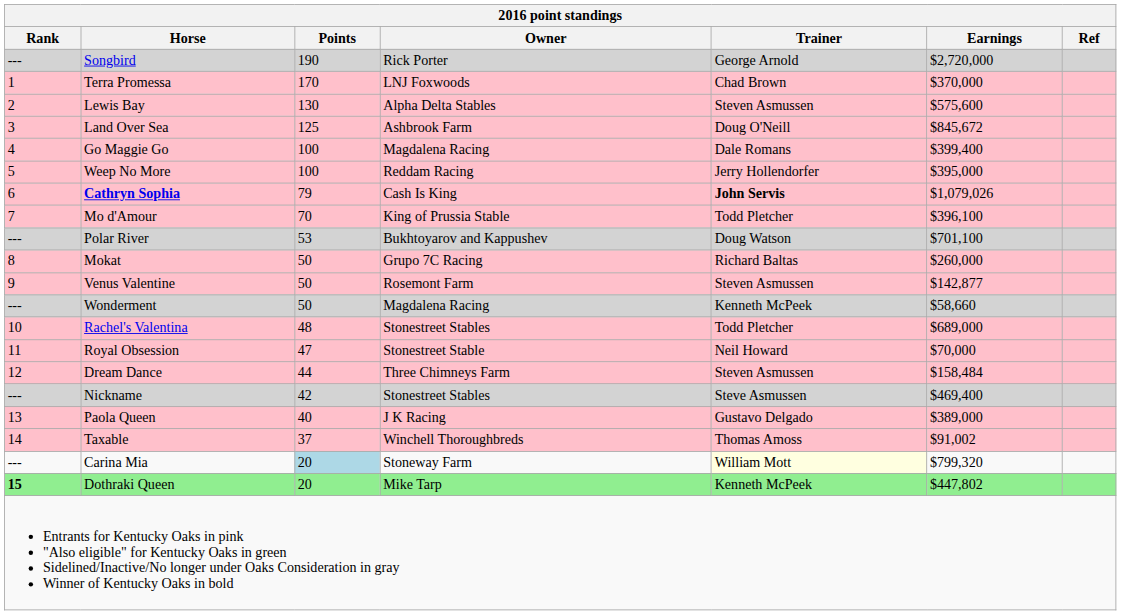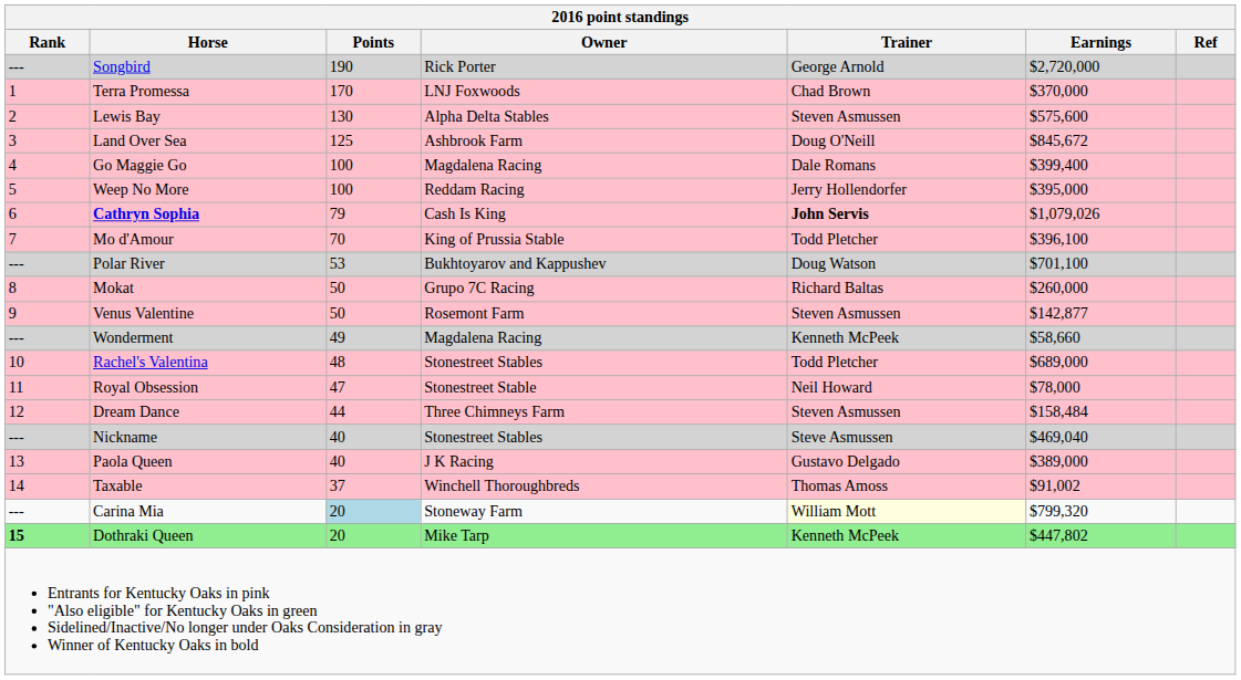 <table class="wikitable" style="width:100%">
 <tr>
 <th colspan=7>2016 point standings</th>
 </tr>
 <tr>
 <th>Rank</th>
 <th>Horse</th>
 <th>Points</th>
 <th>Owner</th>
 <th>Trainer</th>
 <th>Earnings</th>
 <th>Ref</th>
 </tr>
 <tr bgcolor="lightgray">
 <td>---</td>
 <td><a href='#'>Songbird</a></td>
 <td>190</td>
 <td>Rick Porter</td>
 <td>George Arnold</td>
 <td>$2,720,000</td>
 <td></td>
 </tr>
 <tr bgcolor="pink">
 <td>1</td>
 <td>Terra Promessa</td>
 <td>170</td>
 <td>LNJ Foxwoods</td>
 <td>Chad Brown</td>
 <td>$370,000</td>
 <td></td>
 </tr>
 <tr bgcolor="pink">
 <td>2</td>
 <td>Lewis Bay</td>
 <td>130</td>
 <td>Alpha Delta Stables</td>
 <td>Steven Asmussen</td>
 <td>$575,600</td>
 <td></td>
 </tr>
 <tr bgcolor="pink">
 <td>3</td>
 <td>Land Over Sea</td>
 <td>125</td>
 <td>Ashbrook Farm</td>
 <td>Doug O'Neill</td>
 <td>$845,672</td>
 <td></td>
 </tr>
 <tr bgcolor="pink">
 <td>4</td>
 <td>Go Maggie Go</td>
 <td>100</td>
 <td>Magdalena Racing</td>
 <td>Dale Romans</td>
 <td>$399,400</td>
 <td></td>
 </tr>
 <tr bgcolor="pink">
 <td>5</td>
 <td>Weep No More</td>
 <td>100</td>
 <td>Reddam Racing</td>
 <td>Jerry Hollendorfer</td>
 <td>$395,000</td>
 <td></td>
 </tr>
 <tr bgcolor="pink">
 <td>6</td>
 <td><strong><a href='#'>Cathryn Sophia</a></strong></td>
 <td>79</td>
 <td>Cash Is King</td>
 <td><strong>John Servis</strong></td>
 <td>$1,079,026</td>
 <td></td>
 </tr>
 <tr bgcolor="pink">
 <td>7</td>
 <td>Mo d'Amour</td>
 <td>70</td>
 <td>King of Prussia Stable</td>
 <td>Todd Pletcher</td>
 <td>$396,100</td>
 <td></td>
 </tr>
 <tr bgcolor="lightgray">
 <td>---</td>
 <td>Polar River</td>
 <td>53</td>
 <td>Bukhtoyarov and Kappushev</td>
 <td>Doug Watson</td>
 <td>$701,100</td>
 <td></td>
 </tr>
 <tr bgcolor="pink">
 <td>8</td>
 <td>Mokat</td>
 <td>50</td>
 <td>Grupo 7C Racing</td>
 <td>Richard Baltas</td>
 <td>$260,000</td>
 <td></td>
 </tr>
 <tr bgcolor="pink">
 <td>9</td>
 <td>Venus Valentine</td>
 <td>50</td>
 <td>Rosemont Farm</td>
 <td>Steven Asmussen</td>
 <td>$142,877</td>
 <td></td>
 </tr>
 <tr bgcolor="lightgray">
 <td>---</td>
 <td>Wonderment</td>
-<td>50</td>
+<td>49</td>
 <td>Magdalena Racing</td>
 <td>Kenneth McPeek</td>
 <td>$58,660</td>
 <td></td>
 </tr>
 <tr bgcolor="pink">
 <td>10</td>
 <td><a href='#'>Rachel's Valentina</a></td>
 <td>48</td>
 <td>Stonestreet Stables</td>
 <td>Todd Pletcher</td>
 <td>$689,000</td>
 <td></td>
 </tr>
 <tr bgcolor="pink">
 <td>11</td>
 <td>Royal Obsession</td>
 <td>47</td>
 <td>Stonestreet Stable</td>
 <td>Neil Howard</td>
-<td>$70,000</td>
+<td>$78,000</td>
 <td></td>
 </tr>
 <tr bgcolor="pink">
 <td>12</td>
 <td>Dream Dance</td>
 <td>44</td>
 <td>Three Chimneys Farm</td>
 <td>Steven Asmussen</td>
 <td>$158,484</td>
 <td></td>
 </tr>
 <tr bgcolor="lightgray">
 <td>---</td>
 <td>Nickname</td>
-<td>42</td>
+<td>40</td>
 <td>Stonestreet Stables</td>
 <td>Steve Asmussen</td>
-<td>$469,400</td>
+<td>$469,040</td>
 <td></td>
 </tr>
 <tr bgcolor="pink">
 <td>13</td>
 <td>Paola Queen</td>
 <td>40</td>
 <td>J K Racing</td>
 <td>Gustavo Delgado</td>
 <td>$389,000</td>
 <td></td>
 </tr>
 <tr bgcolor="pink">
 <td>14</td>
 <td>Taxable</td>
 <td>37</td>
 <td>Winchell Thoroughbreds</td>
 <td>Thomas Amoss</td>
 <td>$91,002</td>
 <td></td>
 </tr>
 <tr>
 <td>---</td>
 <td>Carina Mia</td>
 <td style="background: lightblue;">20</td>
 <td>Stoneway Farm</td>
 <td style="background: lightyellow;">William Mott</td>
 <td>$799,320</td>
 <td></td>
 </tr>
 <tr bgcolor="lightgreen">
 <td><strong>15</strong></td>
 <td>Dothraki Queen</td>
 <td>20</td>
 <td>Mike Tarp</td>
 <td>Kenneth McPeek</td>
 <td>$447,802</td>
 <td></td>
 </tr>
 <tr>
 <td colspan=7><br><ul><li>Entrants for Kentucky Oaks in pink</li><li>"Also eligible" for Kentucky Oaks in green</li><li>Sidelined/Inactive/No longer under Oaks Consideration in gray</li><li>Winner of Kentucky Oaks in bold</li></ul></td>
 </tr>
 </table>
